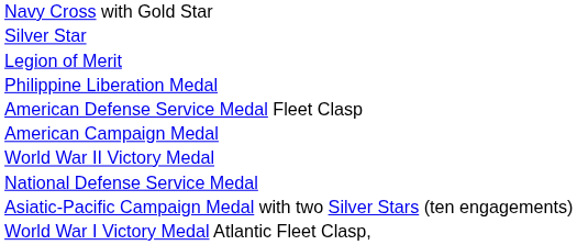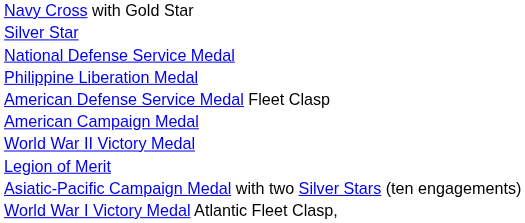 <table>
 <tr>
 <td> <a href='#'>Navy Cross</a> with Gold Star</td>
 </tr>
 <tr>
 <td>  <a href='#'>Silver Star</a></td>
 </tr>
 <tr>
-<td> <a href='#'>Legion of Merit</a></td>
+<td> <a href='#'>National Defense Service Medal</a></td>
 </tr>
 <tr>
 <td> <a href='#'>Philippine Liberation Medal</a></td>
 </tr>
 <tr>
 <td> <a href='#'>American Defense Service Medal</a> Fleet Clasp</td>
 </tr>
 <tr>
 <td> <a href='#'>American Campaign Medal</a></td>
 </tr>
 <tr>
 <td> <a href='#'>World War II Victory Medal</a></td>
 </tr>
 <tr>
-<td> <a href='#'>National Defense Service Medal</a></td>
+<td> <a href='#'>Legion of Merit</a></td>
 </tr>
 <tr>
 <td> <a href='#'>Asiatic-Pacific Campaign Medal</a> with two <a href='#'>Silver Stars</a> (ten engagements)</td>
 </tr>
 <tr>
 <td> <a href='#'>World War I Victory Medal</a> Atlantic Fleet Clasp, </td>
 </tr>
 <tr>
 </tr>
 </table>
